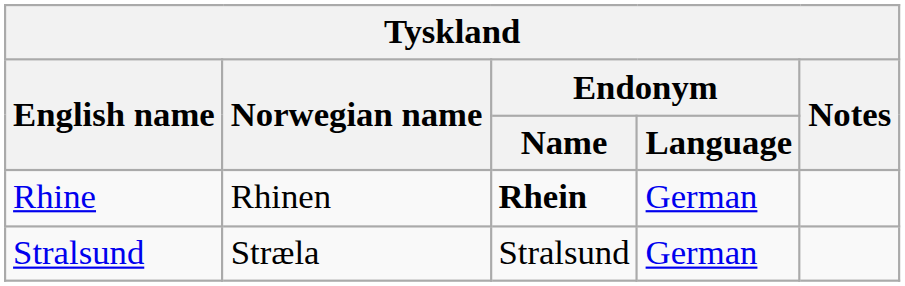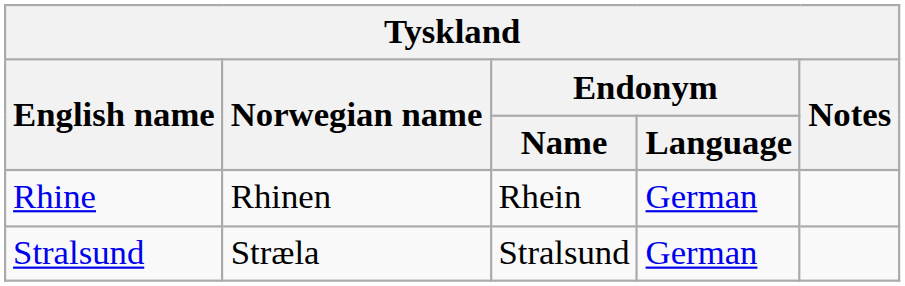 <table class="wikitable sortable">
 <tr>
 <th colspan="5"> Tyskland</th>
 </tr>
 <tr>
 <th rowspan="2">English name</th>
 <th rowspan="2">Norwegian name</th>
 <th colspan="2">Endonym</th>
 <th rowspan="2">Notes</th>
 </tr>
 <tr>
 <th>Name</th>
 <th>Language</th>
 </tr>
 <tr>
 <td><a href='#'>Rhine</a></td>
 <td>Rhinen</td>
-<td><strong>Rhein</strong></td>
+<td>Rhein</td>
 <td><a href='#'>German</a></td>
 <td></td>
 </tr>
 <tr>
 <td><a href='#'>Stralsund</a></td>
 <td>Stræla</td>
 <td>Stralsund</td>
 <td><a href='#'>German</a></td>
 <td></td>
 </tr>
 </table>
